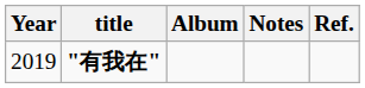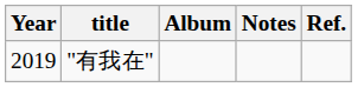 <table class="wikitable sortable">
 <tr>
 <th>Year</th>
 <th>title</th>
 <th>Album</th>
 <th>Notes</th>
 <th>Ref.</th>
 </tr>
 <tr>
 <td rowspan=2>2019</td>
-<td><strong>"有我在"</strong></td>
+<td>"有我在"</td>
 <td></td>
 <td></td>
 <td></td>
 </tr>
 </table>
